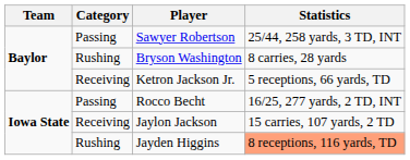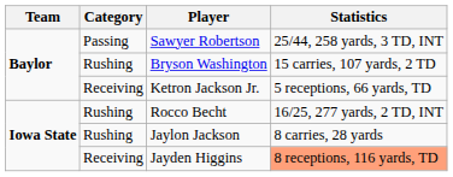 <table class="wikitable" style="float: right;">
 <tr>
 <th>Team</th>
 <th>Category</th>
 <th>Player</th>
 <th>Statistics</th>
 </tr>
 <tr>
 <td rowspan=3><strong>Baylor</strong></td>
 <td>Passing</td>
 <td><a href='#'>Sawyer Robertson</a></td>
 <td>25/44, 258 yards, 3 TD, INT</td>
 </tr>
 <tr>
 <td>Rushing</td>
 <td><a href='#'>Bryson Washington</a></td>
-<td>8 carries, 28 yards</td>
+<td>15 carries, 107 yards, 2 TD</td>
 </tr>
 <tr>
 <td>Receiving</td>
 <td>Ketron Jackson Jr.</td>
 <td>5 receptions, 66 yards, TD</td>
 </tr>
 <tr>
 <td rowspan=3><strong>Iowa State</strong></td>
-<td>Passing</td>
+<td>Rushing</td>
 <td>Rocco Becht</td>
 <td>16/25, 277 yards, 2 TD, INT</td>
 </tr>
 <tr>
-<td>Receiving</td>
+<td>Rushing</td>
 <td>Jaylon Jackson</td>
-<td>15 carries, 107 yards, 2 TD</td>
+<td>8 carries, 28 yards</td>
 </tr>
 <tr>
-<td>Rushing</td>
+<td>Receiving</td>
 <td>Jayden Higgins</td>
 <td style="background: lightsalmon;">8 receptions, 116 yards, TD</td>
 </tr>
 </table>
